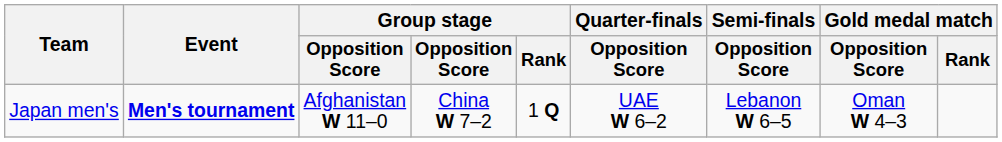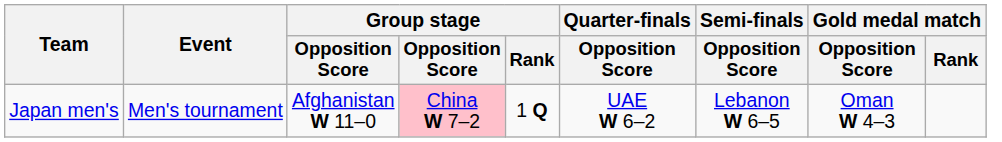 <table class="wikitable" style="font-size:90%">
 <tr>
 <th rowspan=2>Team</th>
 <th rowspan=2>Event</th>
 <th colspan=3>Group stage</th>
 <th>Quarter-finals</th>
 <th>Semi-finals</th>
 <th colspan=2>Gold medal match</th>
 </tr>
 <tr style="font-size:95%">
 <th>Opposition<br>Score</th>
 <th>Opposition<br>Score</th>
 <th>Rank</th>
 <th>Opposition<br>Score</th>
 <th>Opposition<br>Score</th>
 <th>Opposition<br>Score</th>
 <th>Rank</th>
 </tr>
 <tr align=center>
 <td align=left><a href='#'>Japan men's</a></td>
-<td align=left><strong><a href='#'>Men's tournament</a></strong></td>
+<td align=left><a href='#'>Men's tournament</a></td>
 <td> <a href='#'>Afghanistan</a><br><strong>W</strong> 11–0</td>
-<td> <a href='#'>China</a><br><strong>W</strong> 7–2</td>
+<td style="background: pink;"> <a href='#'>China</a><br><strong>W</strong> 7–2</td>
 <td>1 <strong>Q</strong></td>
 <td> <a href='#'>UAE</a><br><strong>W</strong> 6–2</td>
 <td> <a href='#'>Lebanon</a><br><strong>W</strong> 6–5</td>
 <td> <a href='#'>Oman</a><br><strong>W</strong> 4–3</td>
 <td></td>
 </tr>
 </table>
